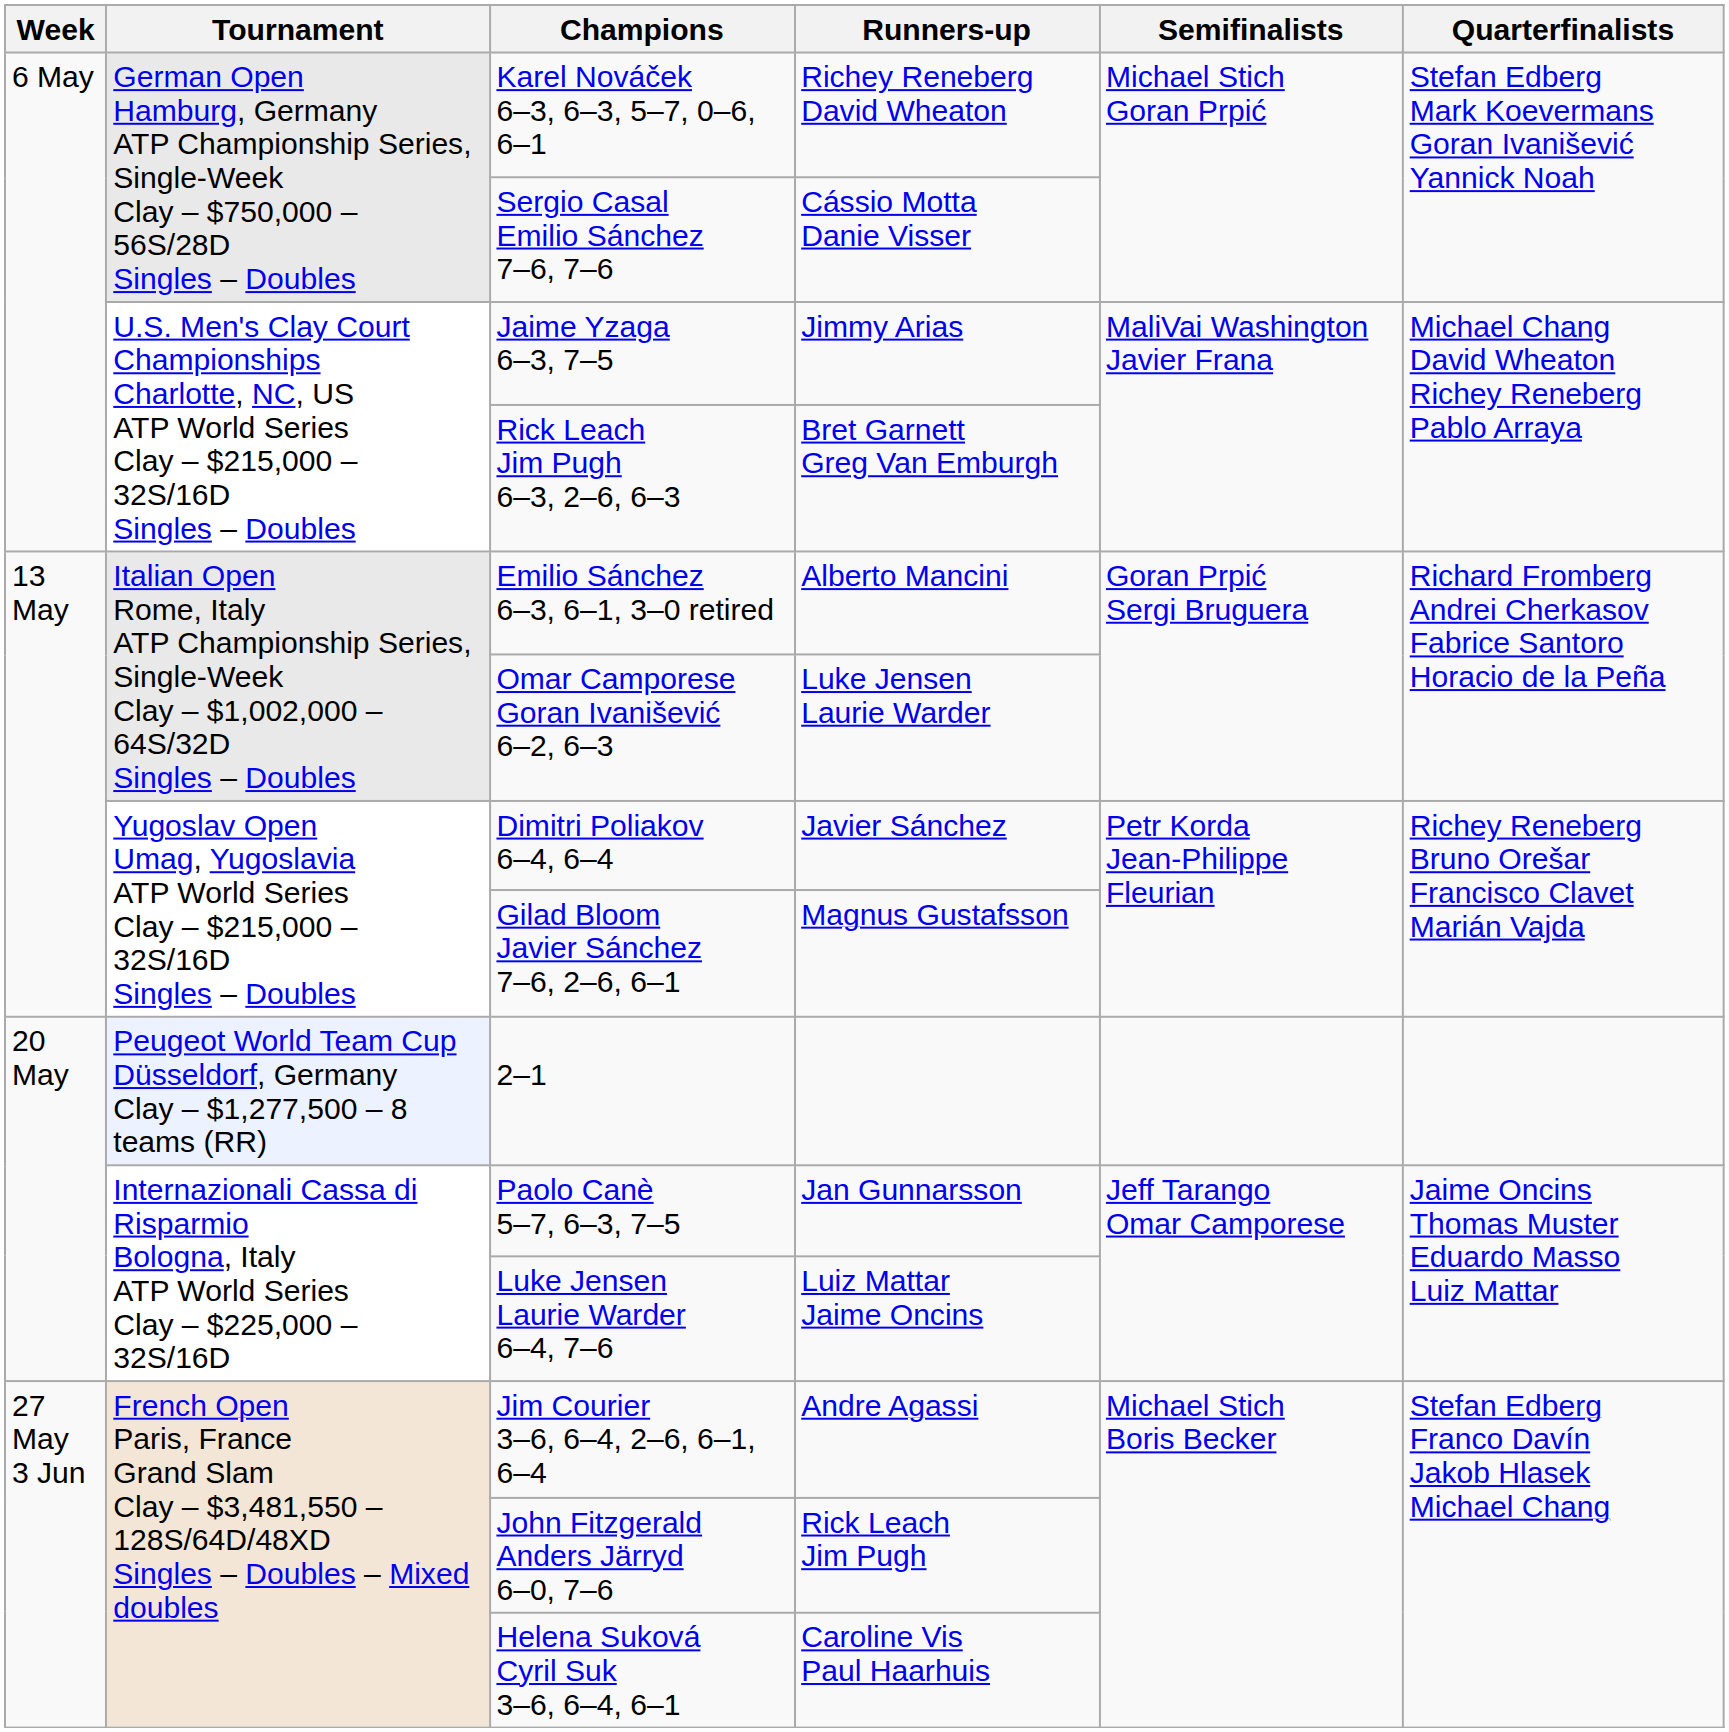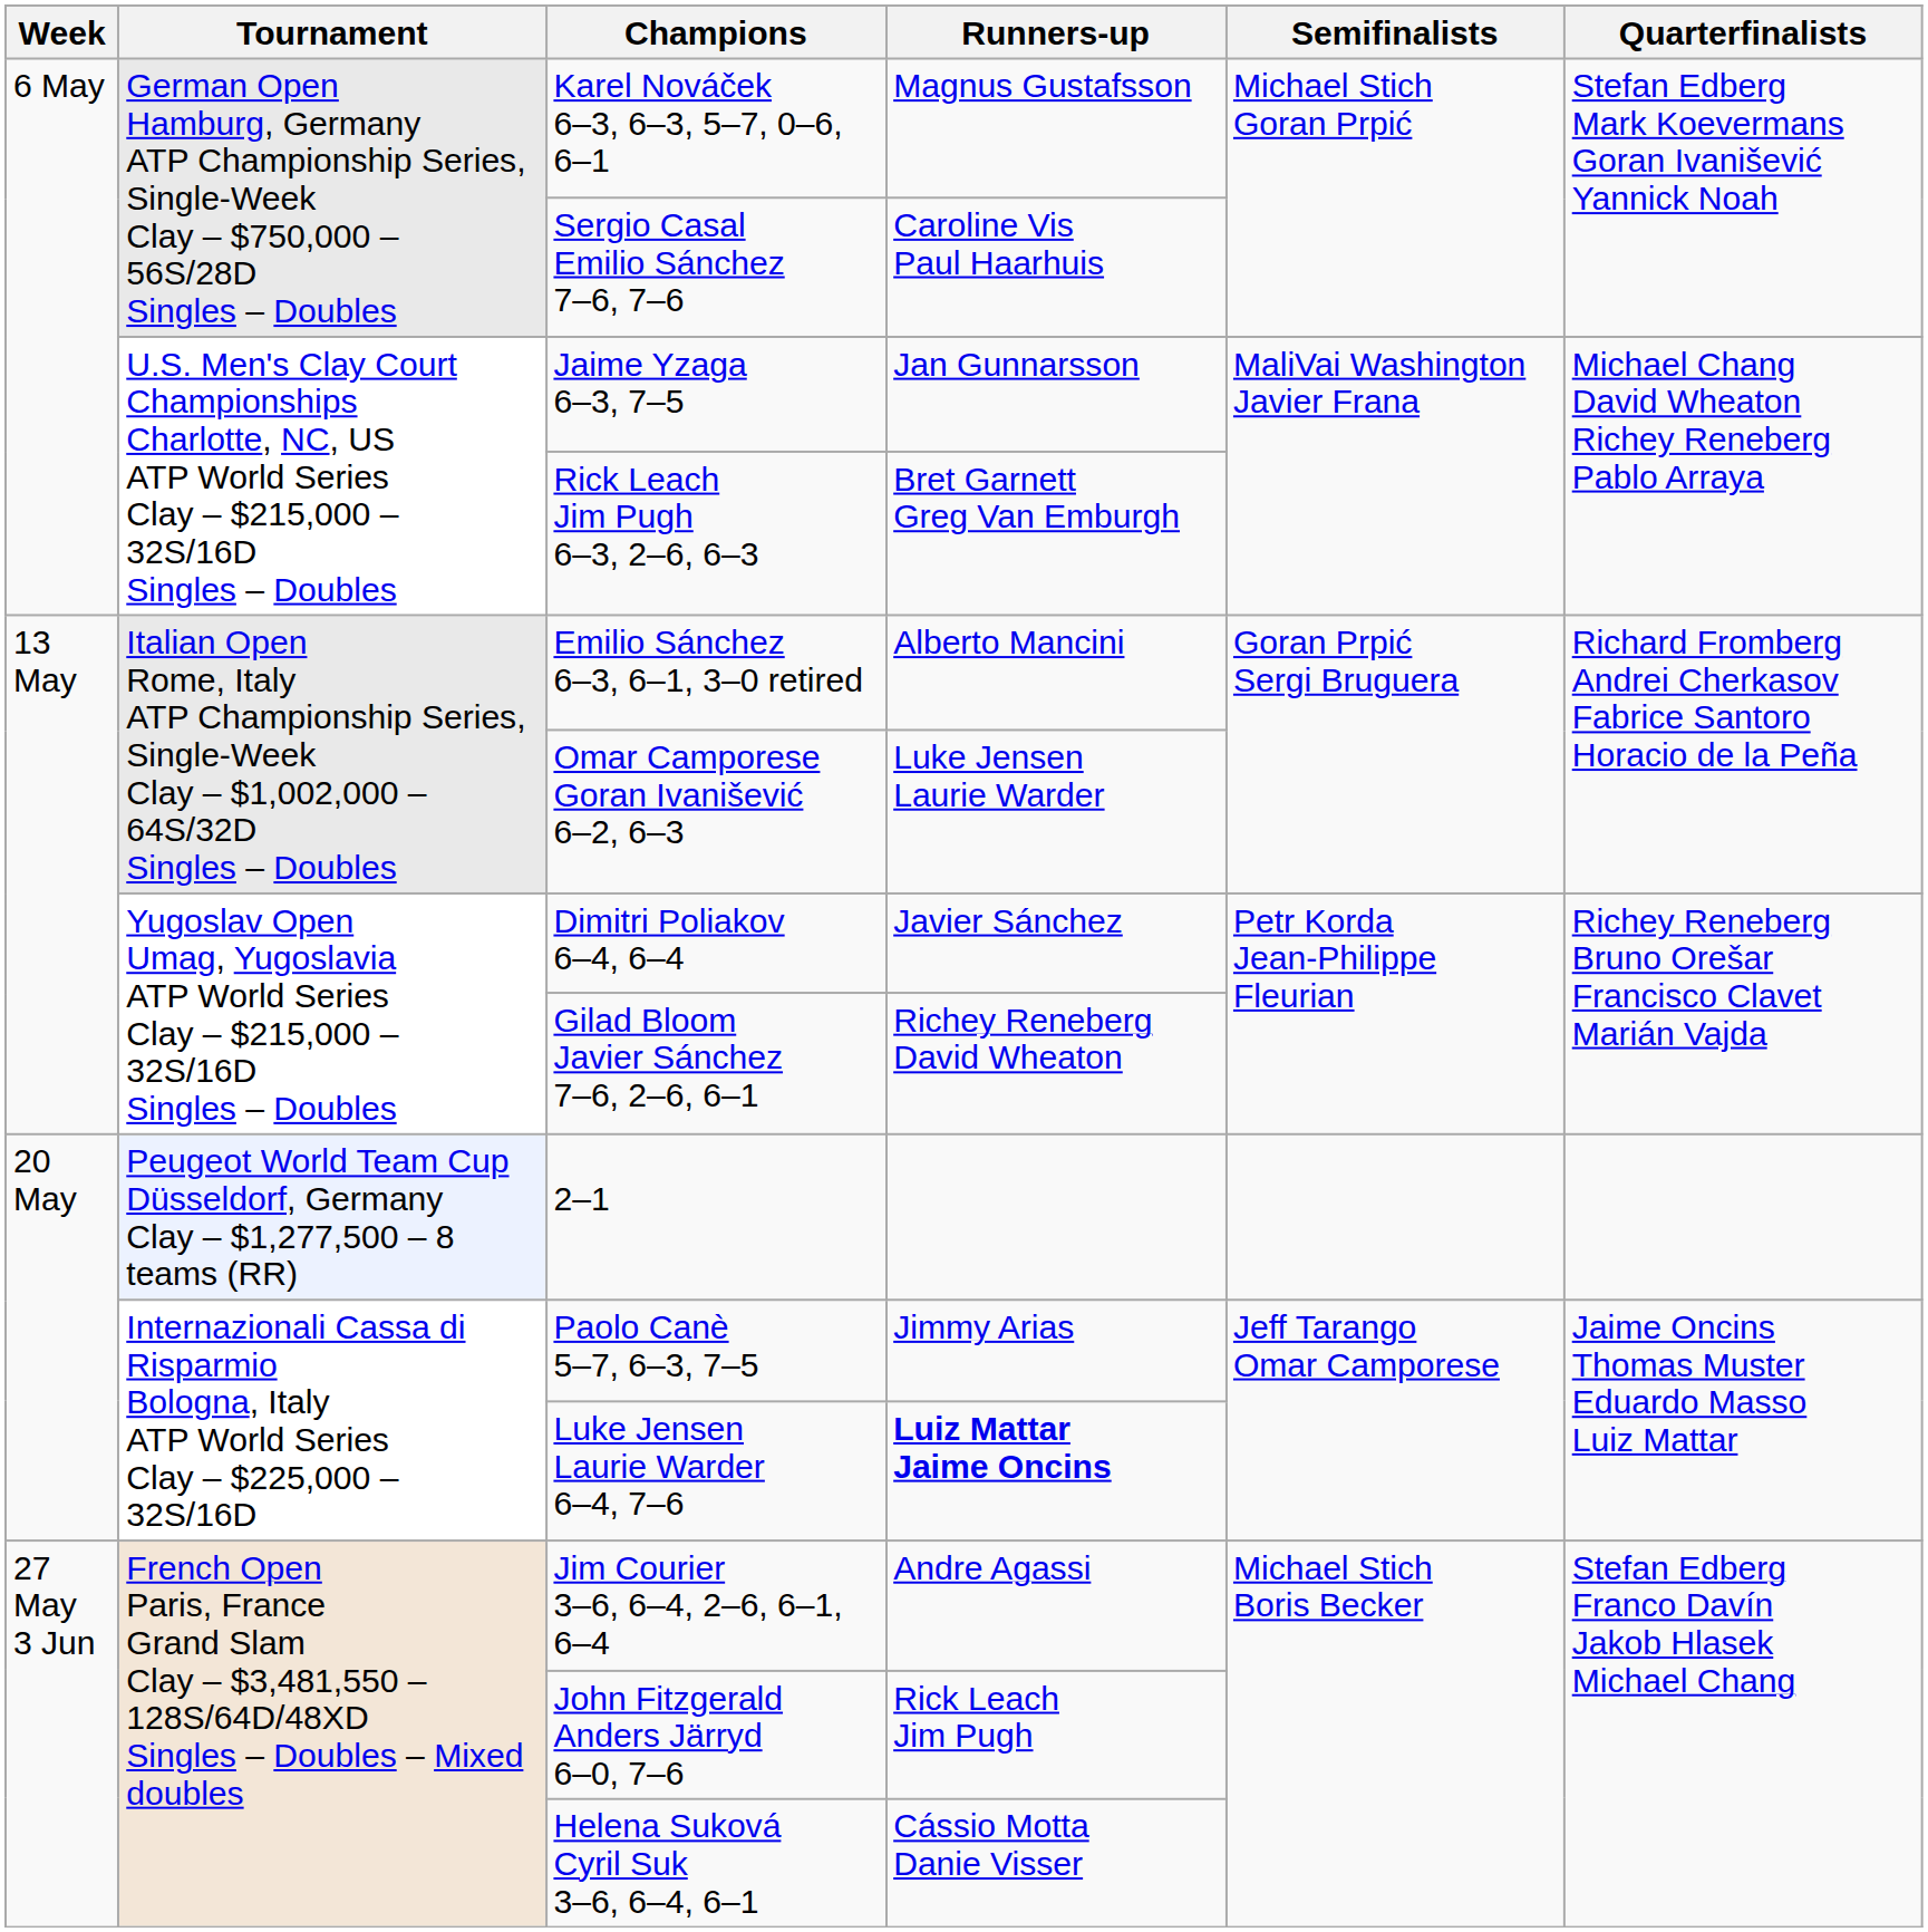 <table class=wikitable style=font-size:95%>
 <tr>
 <th style="width:48px;">Week</th>
 <th style="width:250px;">Tournament</th>
 <th style="width:200px;">Champions</th>
 <th style="width:200px;">Runners-up</th>
 <th style="width:190px;">Semifinalists</th>
 <th style="width:190px;">Quarterfinalists</th>
 </tr>
 <tr valign=top>
 <td rowspan=4>6 May</td>
 <td style="background:#E9E9E9;" rowspan="2"><a href='#'>German Open</a> <br> <a href='#'>Hamburg</a>, Germany <br> ATP Championship Series, Single-Week <br> Clay – $750,000 – 56S/28D <br> <a href='#'>Singles</a> – <a href='#'>Doubles</a></td>
 <td> <a href='#'>Karel Nováček</a> <br> 6–3, 6–3, 5–7, 0–6, 6–1</td>
-<td> <a href='#'>Richey Reneberg</a> <br>  <a href='#'>David Wheaton</a></td>
+<td> <a href='#'>Magnus Gustafsson</a></td>
 <td rowspan=2> <a href='#'>Michael Stich</a> <br>  <a href='#'>Goran Prpić</a></td>
 <td rowspan=2> <a href='#'>Stefan Edberg</a> <br>  <a href='#'>Mark Koevermans</a> <br>  <a href='#'>Goran Ivanišević</a> <br>  <a href='#'>Yannick Noah</a></td>
 </tr>
 <tr valign=top>
 <td> <a href='#'>Sergio Casal</a> <br>  <a href='#'>Emilio Sánchez</a> <br> 7–6, 7–6</td>
-<td> <a href='#'>Cássio Motta</a> <br>  <a href='#'>Danie Visser</a></td>
+<td> <a href='#'>Caroline Vis</a> <br>  <a href='#'>Paul Haarhuis</a></td>
 </tr>
 <tr valign=top>
 <td style="background:#FFF;" rowspan="2"><a href='#'>U.S. Men's Clay Court Championships</a> <br> <a href='#'>Charlotte</a>, <a href='#'>NC</a>, US <br> ATP World Series <br> Clay – $215,000 – 32S/16D <br> <a href='#'>Singles</a> – <a href='#'>Doubles</a></td>
 <td> <a href='#'>Jaime Yzaga</a> <br> 6–3, 7–5</td>
-<td> <a href='#'>Jimmy Arias</a></td>
+<td> <a href='#'>Jan Gunnarsson</a></td>
 <td rowspan=2> <a href='#'>MaliVai Washington</a> <br>  <a href='#'>Javier Frana</a></td>
 <td rowspan=2> <a href='#'>Michael Chang</a> <br>  <a href='#'>David Wheaton</a> <br>  <a href='#'>Richey Reneberg</a> <br>  <a href='#'>Pablo Arraya</a></td>
 </tr>
 <tr valign=top>
 <td> <a href='#'>Rick Leach</a> <br>  <a href='#'>Jim Pugh</a> <br> 6–3, 2–6, 6–3</td>
 <td> <a href='#'>Bret Garnett</a> <br>  <a href='#'>Greg Van Emburgh</a></td>
 </tr>
 <tr valign=top>
 <td rowspan=4>13 May</td>
 <td style="background:#E9E9E9;" rowspan="2"><a href='#'>Italian Open</a> <br>  Rome, Italy <br> ATP Championship Series, Single-Week <br> Clay – $1,002,000 – 64S/32D <br> <a href='#'>Singles</a> – <a href='#'>Doubles</a></td>
 <td> <a href='#'>Emilio Sánchez</a> <br> 6–3, 6–1, 3–0 retired</td>
 <td> <a href='#'>Alberto Mancini</a></td>
 <td rowspan=2> <a href='#'>Goran Prpić</a> <br>  <a href='#'>Sergi Bruguera</a></td>
 <td rowspan=2> <a href='#'>Richard Fromberg</a> <br>  <a href='#'>Andrei Cherkasov</a> <br>  <a href='#'>Fabrice Santoro</a> <br>  <a href='#'>Horacio de la Peña</a></td>
 </tr>
 <tr valign=top>
 <td> <a href='#'>Omar Camporese</a> <br>  <a href='#'>Goran Ivanišević</a> <br> 6–2, 6–3</td>
 <td> <a href='#'>Luke Jensen</a> <br>  <a href='#'>Laurie Warder</a></td>
 </tr>
 <tr valign=top>
 <td style="background:#FFF;" rowspan="2"><a href='#'>Yugoslav Open</a> <br>  <a href='#'>Umag</a>, <a href='#'>Yugoslavia</a> <br> ATP World Series <br> Clay – $215,000 – 32S/16D <br> <a href='#'>Singles</a> – <a href='#'>Doubles</a></td>
 <td> <a href='#'>Dimitri Poliakov</a> <br> 6–4, 6–4</td>
 <td> <a href='#'>Javier Sánchez</a></td>
 <td rowspan=2> <a href='#'>Petr Korda</a> <br>  <a href='#'>Jean-Philippe Fleurian</a></td>
 <td rowspan=2> <a href='#'>Richey Reneberg</a> <br>  <a href='#'>Bruno Orešar</a> <br>  <a href='#'>Francisco Clavet</a> <br>  <a href='#'>Marián Vajda</a></td>
 </tr>
 <tr valign=top>
 <td> <a href='#'>Gilad Bloom</a> <br>  <a href='#'>Javier Sánchez</a> <br> 7–6, 2–6, 6–1</td>
-<td> <a href='#'>Magnus Gustafsson</a></td>
+<td> <a href='#'>Richey Reneberg</a> <br>  <a href='#'>David Wheaton</a></td>
 </tr>
 <tr valign=top>
 <td rowspan=3>20 May</td>
 <td style="background:#ECF2FF;"><a href='#'>Peugeot World Team Cup</a> <br>  <a href='#'>Düsseldorf</a>, Germany <br> Clay – $1,277,500 – 8 teams (RR)</td>
 <td> <br> 2–1</td>
 <td></td>
 <td><br><br><br></td>
 <td><br><br><br></td>
 </tr>
 <tr valign=top>
 <td style="background:#FFF;" rowspan="2"><a href='#'>Internazionali Cassa di Risparmio</a> <br> <a href='#'>Bologna</a>, Italy <br> ATP World Series <br> Clay – $225,000 – 32S/16D</td>
 <td> <a href='#'>Paolo Canè</a> <br> 5–7, 6–3, 7–5</td>
-<td> <a href='#'>Jan Gunnarsson</a></td>
+<td> <a href='#'>Jimmy Arias</a></td>
 <td rowspan=2> <a href='#'>Jeff Tarango</a> <br>  <a href='#'>Omar Camporese</a></td>
 <td rowspan=2> <a href='#'>Jaime Oncins</a> <br>  <a href='#'>Thomas Muster</a> <br>  <a href='#'>Eduardo Masso</a> <br>  <a href='#'>Luiz Mattar</a></td>
 </tr>
 <tr valign=top>
 <td> <a href='#'>Luke Jensen</a> <br>  <a href='#'>Laurie Warder</a> <br> 6–4, 7–6</td>
-<td> <a href='#'>Luiz Mattar</a> <br>  <a href='#'>Jaime Oncins</a></td>
+<td><strong> <a href='#'>Luiz Mattar</a> <br>  <a href='#'>Jaime Oncins</a></strong></td>
 </tr>
 <tr valign=top>
 <td rowspan=3>27 May <br> 3 Jun</td>
 <td style="background:#F3E6D7;" rowspan=3><a href='#'>French Open</a> <br>  Paris, France <br> Grand Slam <br> Clay – $3,481,550 – 128S/64D/48XD <br> <a href='#'>Singles</a> – <a href='#'>Doubles</a> – <a href='#'>Mixed doubles</a></td>
 <td> <a href='#'>Jim Courier</a> <br> 3–6, 6–4, 2–6, 6–1, 6–4</td>
 <td> <a href='#'>Andre Agassi</a></td>
 <td rowspan=3> <a href='#'>Michael Stich</a> <br>  <a href='#'>Boris Becker</a></td>
 <td rowspan=3> <a href='#'>Stefan Edberg</a> <br>  <a href='#'>Franco Davín</a> <br>  <a href='#'>Jakob Hlasek</a> <br>  <a href='#'>Michael Chang</a></td>
 </tr>
 <tr valign=top>
 <td> <a href='#'>John Fitzgerald</a> <br>  <a href='#'>Anders Järryd</a> <br> 6–0, 7–6</td>
 <td> <a href='#'>Rick Leach</a> <br>  <a href='#'>Jim Pugh</a></td>
 </tr>
 <tr valign=top>
 <td> <a href='#'>Helena Suková</a> <br>  <a href='#'>Cyril Suk</a> <br> 3–6, 6–4, 6–1</td>
-<td> <a href='#'>Caroline Vis</a> <br>  <a href='#'>Paul Haarhuis</a></td>
+<td> <a href='#'>Cássio Motta</a> <br>  <a href='#'>Danie Visser</a></td>
 </tr>
 </table>
